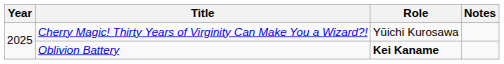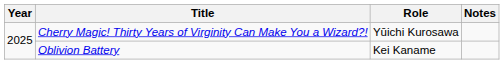 <table class="wikitable sortable">
 <tr>
 <th>Year</th>
 <th>Title</th>
 <th>Role</th>
 <th>Notes</th>
 </tr>
 <tr>
 <td rowspan="2">2025</td>
 <td><em><a href='#'>Cherry Magic! Thirty Years of Virginity Can Make You a Wizard?!</a></em></td>
 <td>Yūichi Kurosawa</td>
 <td></td>
 </tr>
 <tr>
 <td><em><a href='#'>Oblivion Battery</a></em></td>
-<td><strong>Kei Kaname</strong></td>
+<td>Kei Kaname</td>
 <td></td>
 </tr>
 </table>
